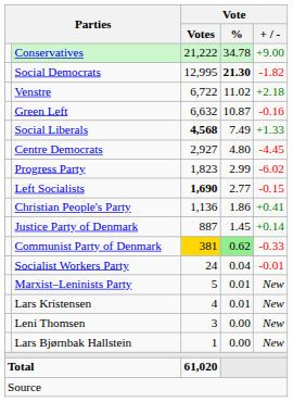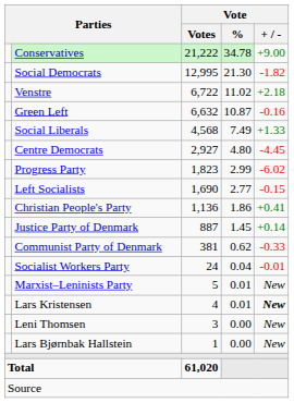 <table class="wikitable" style="text-align:right;">
 <tr>
 <th style="text-align:centre;" rowspan="2" colspan="2" width="225">Parties</th>
 <th colspan="3">Vote</th>
 </tr>
 <tr>
 <th width="15">Votes</th>
 <th width="15">%</th>
 <th width="15">+ / -</th>
 </tr>
 <tr>
 <td width="2" style="color:inherit;background:"></td>
 <td bgcolor=#ccf7cc  align="left"><a href='#'>Conservatives</a></td>
 <td bgcolor=#ccf7cc>21,222</td>
 <td bgcolor=#ccf7cc>34.78</td>
 <td style=color:green;>+9.00</td>
 </tr>
 <tr>
 <td width="2" style="color:inherit;background:"></td>
 <td align="left"><a href='#'>Social Democrats</a></td>
 <td>12,995</td>
-<td><strong>21.30</strong></td>
+<td>21.30</td>
 <td style=color:red;>-1.82</td>
 </tr>
 <tr>
 <td width="2" style="color:inherit;background:"></td>
 <td align="left"><a href='#'>Venstre</a></td>
 <td>6,722</td>
 <td>11.02</td>
 <td style=color:green;>+2.18</td>
 </tr>
 <tr>
 <td width="2" style="color:inherit;background:"></td>
 <td align="left"><a href='#'>Green Left</a></td>
 <td>6,632</td>
 <td>10.87</td>
 <td style=color:red;>-0.16</td>
 </tr>
 <tr>
 <td width="2" style="color:inherit;background:"></td>
 <td align="left"><a href='#'>Social Liberals</a></td>
-<td><strong>4,568</strong></td>
+<td>4,568</td>
 <td>7.49</td>
 <td style=color:green;>+1.33</td>
 </tr>
 <tr>
 <td width="2" style="color:inherit;background:"></td>
 <td align="left"><a href='#'>Centre Democrats</a></td>
 <td>2,927</td>
 <td>4.80</td>
 <td style=color:red;>-4.45</td>
 </tr>
 <tr>
 <td width="2" style="color:inherit;background:"></td>
 <td align="left"><a href='#'>Progress Party</a></td>
 <td>1,823</td>
 <td>2.99</td>
 <td style=color:red;>-6.02</td>
 </tr>
 <tr>
 <td width="2" style="color:inherit;background:"></td>
 <td align="left"><a href='#'>Left Socialists</a></td>
-<td><strong>1,690</strong></td>
+<td>1,690</td>
 <td>2.77</td>
 <td style=color:red;>-0.15</td>
 </tr>
 <tr>
 <td width="2" style="color:inherit;background:"></td>
 <td align="left"><a href='#'>Christian People's Party</a></td>
 <td>1,136</td>
 <td>1.86</td>
 <td style=color:green;>+0.41</td>
 </tr>
 <tr>
 <td width="2" style="color:inherit;background:"></td>
 <td align="left"><a href='#'>Justice Party of Denmark</a></td>
 <td>887</td>
 <td>1.45</td>
 <td style=color:green;>+0.14</td>
 </tr>
 <tr>
 <td width="2" style="color:inherit;background:"></td>
 <td align="left"><a href='#'>Communist Party of Denmark</a></td>
-<td style="background: gold;">381</td>
-<td style="background: lightgreen;">0.62</td>
+<td>381</td>
+<td>0.62</td>
 <td style=color:red;>-0.33</td>
 </tr>
 <tr>
 <td width="2" style="color:inherit;background:"></td>
 <td align="left"><a href='#'>Socialist Workers Party</a></td>
 <td>24</td>
 <td>0.04</td>
 <td style=color:red;>-0.01</td>
 </tr>
 <tr>
 <td width="2" style="color:inherit;background:"></td>
 <td align="left"><a href='#'>Marxist–Leninists Party</a></td>
 <td>5</td>
 <td>0.01</td>
 <td><em>New</em></td>
 </tr>
 <tr>
 <td width="2" style="color:inherit;background:"></td>
 <td align="left">Lars Kristensen</td>
 <td>4</td>
 <td>0.01</td>
-<td><em>New</em></td>
+<td><strong><em>New</em></strong></td>
 </tr>
 <tr>
 <td width="2" style="color:inherit;background:"></td>
 <td align="left">Leni Thomsen</td>
 <td>3</td>
 <td>0.00</td>
 <td><em>New</em></td>
 </tr>
 <tr>
 <td width="2" style="color:inherit;background:"></td>
 <td align="left">Lars Bjørnbak Hallstein</td>
 <td>1</td>
 <td>0.00</td>
 <td><em>New</em></td>
 </tr>
 <tr>
 <td colspan="7" bgcolor="#E9E9E9"></td>
 </tr>
 <tr>
 <td align="left" colspan="2"><strong>Total</strong></td>
 <td><strong>61,020</strong></td>
 <td bgcolor="#E9E9E9" colspan="2"></td>
 </tr>
 <tr>
 <td align="left" colspan="6">Source</td>
 </tr>
 </table>
